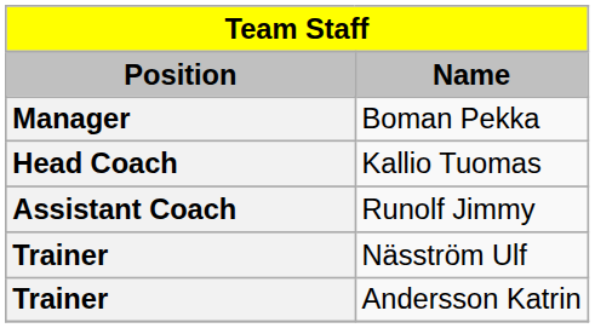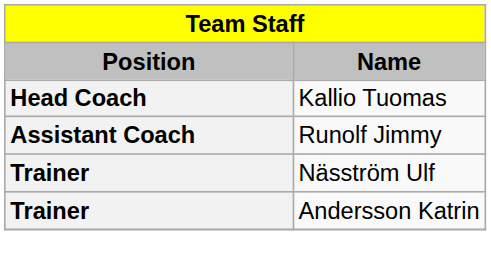 <table class="wikitable" style="text-align:left; font-size:90%;">
 <tr>
 <th style=background:Yellow colspan=2>Team Staff</th>
 </tr>
 <tr>
 <th width=60% style="background:silver;">Position</th>
 <th style="background:silver;">Name</th>
-</tr>
-<tr>
-<th style="text-align:left;">Manager</th>
-<td>Boman Pekka</td>
 </tr>
 <tr>
 <th style="text-align:left;">Head Coach</th>
 <td>Kallio Tuomas</td>
 </tr>
 <tr>
 <th style="text-align:left;">Assistant Coach</th>
 <td>Runolf Jimmy</td>
 </tr>
 <tr>
 <th style="text-align:left;">Trainer</th>
 <td>Näsström Ulf</td>
 </tr>
 <tr>
 <th style="text-align:left;">Trainer</th>
 <td>Andersson Katrin</td>
 </tr>
 <tr>
 </tr>
 </table>
